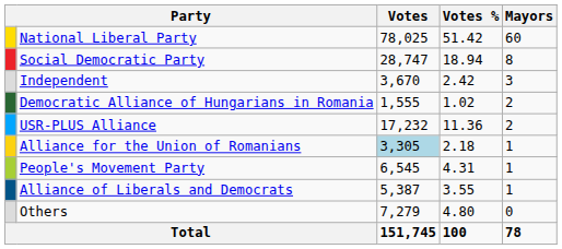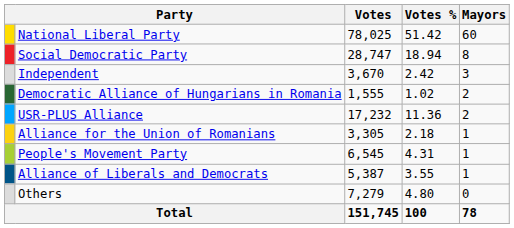 <table class="wikitable">
 <tr>
 <th colspan="2">Party</th>
 <th>Votes</th>
 <th>Votes %</th>
 <th>Mayors</th>
 </tr>
 <tr>
 <td style="background:#ffdd00;" width="5"></td>
 <td><a href='#'>National Liberal Party</a></td>
 <td>78,025</td>
 <td>51.42</td>
 <td>60</td>
 </tr>
 <tr>
 <td style="background:#ed2128;" width="5"></td>
 <td><a href='#'>Social Democratic Party</a></td>
 <td>28,747</td>
 <td>18.94</td>
 <td>8</td>
 </tr>
 <tr>
 <td style="background:#dcdcdc;" width="5"></td>
 <td><a href='#'>Independent</a></td>
 <td>3,670</td>
 <td>2.42</td>
 <td>3</td>
 </tr>
 <tr>
 <td style="background:#296633;" width="5"></td>
 <td><a href='#'>Democratic Alliance of Hungarians in Romania</a></td>
 <td>1,555</td>
 <td>1.02</td>
 <td>2</td>
 </tr>
 <tr>
 <td style="background:#00a6ff;" width="5"></td>
 <td><a href='#'>USR-PLUS Alliance</a></td>
 <td>17,232</td>
 <td>11.36</td>
 <td>2</td>
 </tr>
 <tr>
 <td style="background:#FCD20F;" width="5"></td>
 <td><a href='#'>Alliance for the Union of Romanians</a></td>
-<td style="background: lightblue;">3,305</td>
+<td>3,305</td>
 <td>2.18</td>
 <td>1</td>
 </tr>
 <tr>
 <td style="background:#a7cf35;" width="5"></td>
 <td><a href='#'>People's Movement Party</a></td>
 <td>6,545</td>
 <td>4.31</td>
 <td>1</td>
 </tr>
 <tr>
 <td style="background:#005487;" width="5"></td>
 <td><a href='#'>Alliance of Liberals and Democrats</a></td>
 <td>5,387</td>
 <td>3.55</td>
 <td>1</td>
 </tr>
 <tr>
 <td style="background:#dcdcdc;" width="5"></td>
 <td>Others</td>
 <td>7,279</td>
 <td>4.80</td>
 <td>0</td>
 </tr>
 <tr>
 <th colspan="2">Total</th>
 <td><strong>151,745</strong></td>
 <td><strong>100</strong></td>
 <td><strong>78</strong></td>
 </tr>
 </table>
